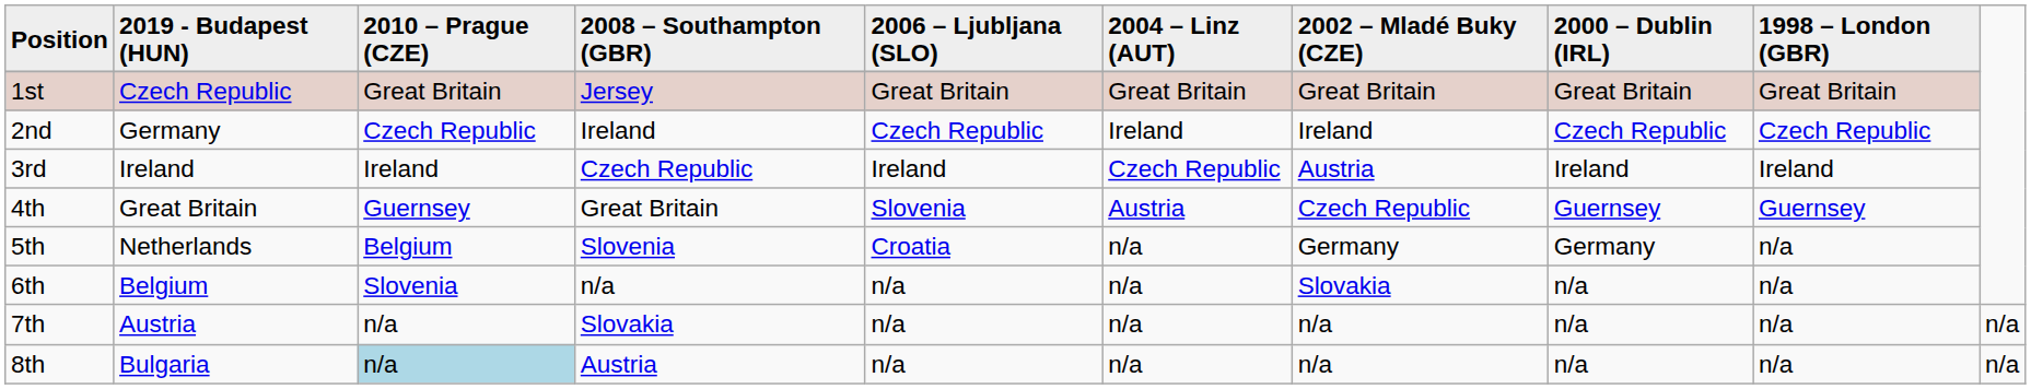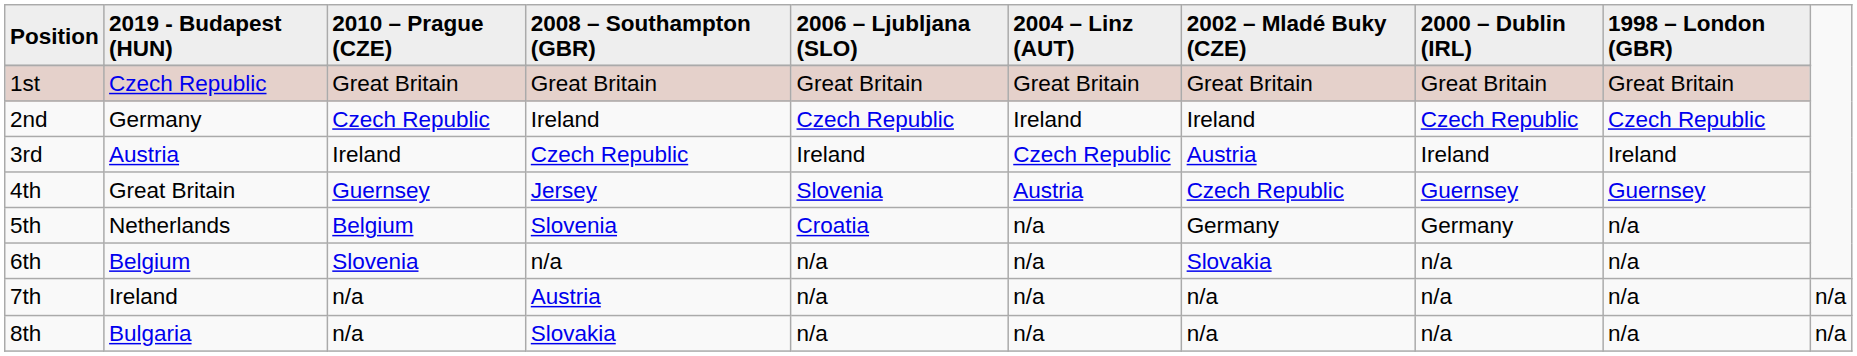 <table class="wikitable" style="font-size:95%;">
 <tr bgcolor="#eeeeee">
 <td><strong>Position</strong></td>
 <td><strong>2019 - Budapest (HUN)</strong></td>
 <td><strong>2010 – Prague (CZE)</strong></td>
 <td><strong>2008 – Southampton (GBR)</strong></td>
 <td><strong>2006 – Ljubljana (SLO)</strong></td>
 <td><strong>2004 – Linz (AUT)</strong></td>
 <td><strong>2002 – Mladé Buky (CZE)</strong></td>
 <td><strong>2000 – Dublin (IRL)</strong></td>
 <td><strong>1998 – London (GBR)</strong></td>
 </tr>
 <tr>
 </tr>
 <tr bgcolor="#e5d1cb">
 <td>1st</td>
 <td><a href='#'>Czech Republic</a> </td>
 <td>Great Britain </td>
-<td><a href='#'>Jersey</a> </td>
+<td>Great Britain </td>
 <td>Great Britain </td>
 <td>Great Britain </td>
 <td>Great Britain </td>
 <td>Great Britain </td>
 <td>Great Britain </td>
 </tr>
 <tr>
 <td>2nd</td>
 <td>Germany </td>
 <td><a href='#'>Czech Republic</a> </td>
 <td>Ireland </td>
 <td><a href='#'>Czech Republic</a> </td>
 <td>Ireland </td>
 <td>Ireland </td>
 <td><a href='#'>Czech Republic</a> </td>
 <td><a href='#'>Czech Republic</a> </td>
 </tr>
 <tr>
 <td>3rd</td>
-<td>Ireland </td>
+<td><a href='#'>Austria</a> </td>
 <td>Ireland </td>
 <td><a href='#'>Czech Republic</a> </td>
 <td>Ireland </td>
 <td><a href='#'>Czech Republic</a> </td>
 <td><a href='#'>Austria</a> </td>
 <td>Ireland </td>
 <td>Ireland </td>
 </tr>
 <tr>
 <td>4th</td>
 <td>Great Britain </td>
 <td><a href='#'>Guernsey</a> </td>
-<td>Great Britain </td>
+<td><a href='#'>Jersey</a> </td>
 <td><a href='#'>Slovenia</a> </td>
 <td><a href='#'>Austria</a> </td>
 <td><a href='#'>Czech Republic</a> </td>
 <td><a href='#'>Guernsey</a> </td>
 <td><a href='#'>Guernsey</a> </td>
 </tr>
 <tr>
 <td>5th</td>
 <td>Netherlands </td>
 <td><a href='#'>Belgium</a> </td>
 <td><a href='#'>Slovenia</a> </td>
 <td><a href='#'>Croatia</a> </td>
 <td>n/a</td>
 <td>Germany </td>
 <td>Germany </td>
 <td>n/a</td>
 </tr>
 <tr>
 <td>6th</td>
 <td><a href='#'>Belgium</a> </td>
 <td><a href='#'>Slovenia</a> </td>
 <td>n/a</td>
 <td>n/a</td>
 <td>n/a</td>
 <td><a href='#'>Slovakia</a> </td>
 <td>n/a</td>
 <td>n/a</td>
 </tr>
 <tr>
 <td>7th</td>
+<td>Ireland </td>
+<td>n/a</td>
 <td><a href='#'>Austria</a> </td>
-<td>n/a</td>
-<td><a href='#'>Slovakia</a> </td>
 <td>n/a</td>
 <td>n/a</td>
 <td>n/a</td>
 <td>n/a</td>
 <td>n/a</td>
 <td>n/a</td>
 </tr>
 <tr>
 <td>8th</td>
 <td><a href='#'>Bulgaria</a> </td>
-<td style="background: lightblue;">n/a</td>
-<td><a href='#'>Austria</a> </td>
+<td>n/a</td>
+<td><a href='#'>Slovakia</a> </td>
 <td>n/a</td>
 <td>n/a</td>
 <td>n/a</td>
 <td>n/a</td>
 <td>n/a</td>
 <td>n/a</td>
 </tr>
 </table>
